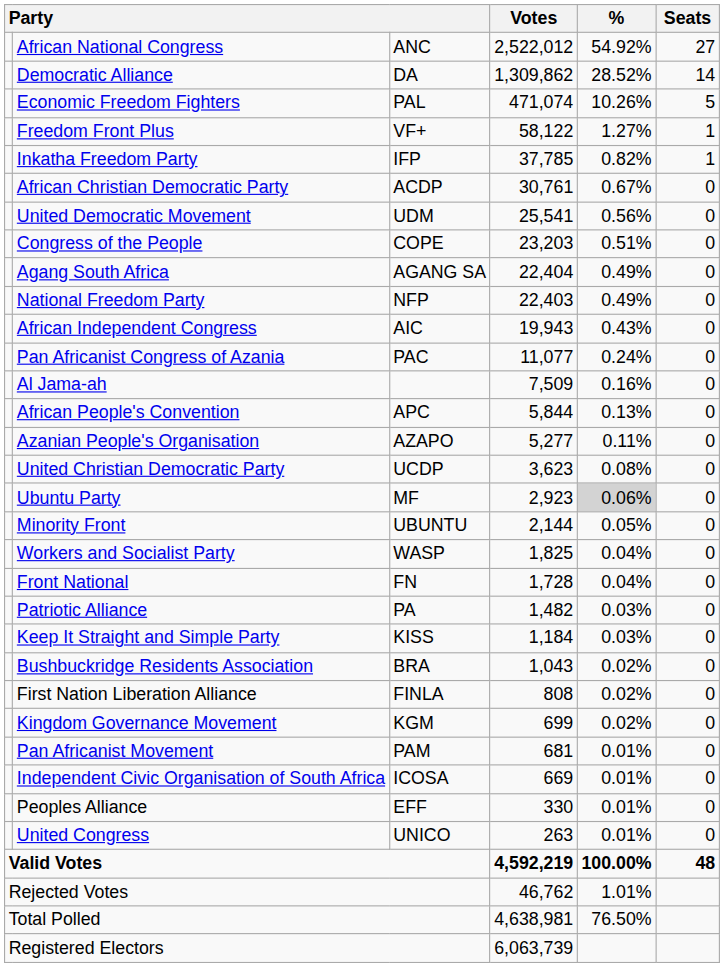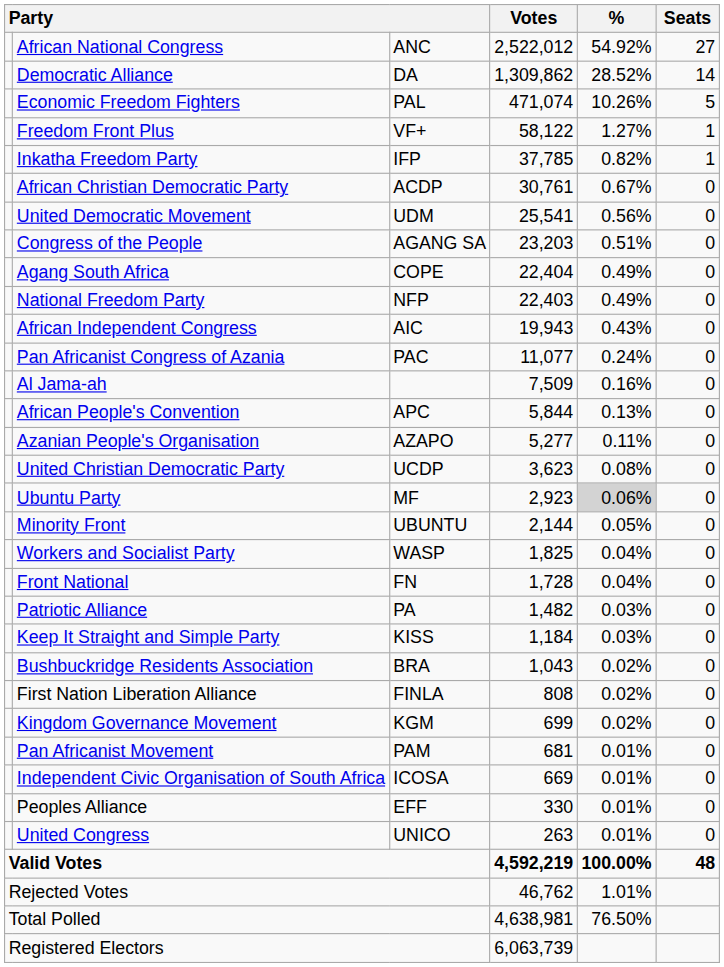 <table class="wikitable" border="1" style="text-align:right;">
 <tr>
 <th style="text-align:left;" colspan=3>Party</th>
 <th align=center width="50">Votes</th>
 <th align=center width="50">%</th>
 <th align=center width="50">Seats</th>
 </tr>
 <tr>
 <td style="background:"></td>
 <td align=left><a href='#'>African National Congress</a></td>
 <td align=left>ANC</td>
 <td>2,522,012</td>
 <td>54.92%</td>
 <td>27</td>
 </tr>
 <tr>
 <td style="background:"></td>
 <td align=left><a href='#'>Democratic Alliance</a></td>
 <td align=left>DA</td>
 <td>1,309,862</td>
 <td>28.52%</td>
 <td>14</td>
 </tr>
 <tr>
 <td style="background:"></td>
 <td align=left><a href='#'>Economic Freedom Fighters</a></td>
 <td align=left>PAL</td>
 <td>471,074</td>
 <td>10.26%</td>
 <td>5</td>
 </tr>
 <tr>
 <td style="background:"></td>
 <td align=left><a href='#'>Freedom Front Plus</a></td>
 <td align=left>VF+</td>
 <td>58,122</td>
 <td>1.27%</td>
 <td>1</td>
 </tr>
 <tr>
 <td style="background:"></td>
 <td align=left><a href='#'>Inkatha Freedom Party</a></td>
 <td align=left>IFP</td>
 <td>37,785</td>
 <td>0.82%</td>
 <td>1</td>
 </tr>
 <tr>
 <td style="background:"></td>
 <td align=left><a href='#'>African Christian Democratic Party</a></td>
 <td align=left>ACDP</td>
 <td>30,761</td>
 <td>0.67%</td>
 <td>0</td>
 </tr>
 <tr>
 <td style="background:"></td>
 <td align=left><a href='#'>United Democratic Movement</a></td>
 <td align=left>UDM</td>
 <td>25,541</td>
 <td>0.56%</td>
 <td>0</td>
 </tr>
 <tr>
 <td style="background:"></td>
 <td align=left><a href='#'>Congress of the People</a></td>
-<td align=left>COPE</td>
+<td align=left>AGANG SA</td>
 <td>23,203</td>
 <td>0.51%</td>
 <td>0</td>
 </tr>
 <tr>
 <td style="background:"></td>
 <td align=left><a href='#'>Agang South Africa</a></td>
-<td align=left>AGANG SA</td>
+<td align=left>COPE</td>
 <td>22,404</td>
 <td>0.49%</td>
 <td>0</td>
 </tr>
 <tr>
 <td style="background:"></td>
 <td align=left><a href='#'>National Freedom Party</a></td>
 <td align=left>NFP</td>
 <td>22,403</td>
 <td>0.49%</td>
 <td>0</td>
 </tr>
 <tr>
 <td style="background:"></td>
 <td align=left><a href='#'>African Independent Congress</a></td>
 <td align=left>AIC</td>
 <td>19,943</td>
 <td>0.43%</td>
 <td>0</td>
 </tr>
 <tr>
 <td style="background:"></td>
 <td align=left><a href='#'>Pan Africanist Congress of Azania</a></td>
 <td align=left>PAC</td>
 <td>11,077</td>
 <td>0.24%</td>
 <td>0</td>
 </tr>
 <tr>
 <td style="background:"></td>
 <td align=left><a href='#'>Al Jama-ah</a></td>
 <td align=left></td>
 <td>7,509</td>
 <td>0.16%</td>
 <td>0</td>
 </tr>
 <tr>
 <td style="background:"></td>
 <td align=left><a href='#'>African People's Convention</a></td>
 <td align=left>APC</td>
 <td>5,844</td>
 <td>0.13%</td>
 <td>0</td>
 </tr>
 <tr>
 <td style="background:"></td>
 <td align=left><a href='#'>Azanian People's Organisation</a></td>
 <td align=left>AZAPO</td>
 <td>5,277</td>
 <td>0.11%</td>
 <td>0</td>
 </tr>
 <tr>
 <td style="background:"></td>
 <td align=left><a href='#'>United Christian Democratic Party</a></td>
 <td align=left>UCDP</td>
 <td>3,623</td>
 <td>0.08%</td>
 <td>0</td>
 </tr>
 <tr>
 <td style="background:"></td>
 <td align=left><a href='#'>Ubuntu Party</a></td>
 <td align=left>MF</td>
 <td>2,923</td>
 <td style="background: lightgrey;">0.06%</td>
 <td>0</td>
 </tr>
 <tr>
 <td style="background:"></td>
 <td align=left><a href='#'>Minority Front</a></td>
 <td align=left>UBUNTU</td>
 <td>2,144</td>
 <td>0.05%</td>
 <td>0</td>
 </tr>
 <tr>
 <td style="background:"></td>
 <td align=left><a href='#'>Workers and Socialist Party</a></td>
 <td align=left>WASP</td>
 <td>1,825</td>
 <td>0.04%</td>
 <td>0</td>
 </tr>
 <tr>
 <td style="background:"></td>
 <td align=left><a href='#'>Front National</a></td>
 <td align=left>FN</td>
 <td>1,728</td>
 <td>0.04%</td>
 <td>0</td>
 </tr>
 <tr>
 <td style="background:"></td>
 <td align=left><a href='#'>Patriotic Alliance</a></td>
 <td align=left>PA</td>
 <td>1,482</td>
 <td>0.03%</td>
 <td>0</td>
 </tr>
 <tr>
 <td style="background:"></td>
 <td align=left><a href='#'>Keep It Straight and Simple Party</a></td>
 <td align=left>KISS</td>
 <td>1,184</td>
 <td>0.03%</td>
 <td>0</td>
 </tr>
 <tr>
 <td style="background:"></td>
 <td align=left><a href='#'>Bushbuckridge Residents Association</a></td>
 <td align=left>BRA</td>
 <td>1,043</td>
 <td>0.02%</td>
 <td>0</td>
 </tr>
 <tr>
 <td></td>
 <td align=left>First Nation Liberation Alliance</td>
 <td align=left>FINLA</td>
 <td>808</td>
 <td>0.02%</td>
 <td>0</td>
 </tr>
 <tr>
 <td></td>
 <td align=left><a href='#'>Kingdom Governance Movement</a></td>
 <td align=left>KGM</td>
 <td>699</td>
 <td>0.02%</td>
 <td>0</td>
 </tr>
 <tr>
 <td style="background:"></td>
 <td align=left><a href='#'>Pan Africanist Movement</a></td>
 <td align=left>PAM</td>
 <td>681</td>
 <td>0.01%</td>
 <td>0</td>
 </tr>
 <tr>
 <td style="background:"></td>
 <td align=left><a href='#'>Independent Civic Organisation of South Africa</a></td>
 <td align=left>ICOSA</td>
 <td>669</td>
 <td>0.01%</td>
 <td>0</td>
 </tr>
 <tr>
 <td></td>
 <td align=left>Peoples Alliance</td>
 <td align=left>EFF</td>
 <td>330</td>
 <td>0.01%</td>
 <td>0</td>
 </tr>
 <tr>
 <td style="background:"></td>
 <td align=left><a href='#'>United Congress</a></td>
 <td align=left>UNICO</td>
 <td>263</td>
 <td>0.01%</td>
 <td>0</td>
 </tr>
 <tr style="font-weight:bold">
 <td align=left colspan=3>Valid Votes</td>
 <td>4,592,219</td>
 <td>100.00%</td>
 <td>48</td>
 </tr>
 <tr>
 <td align=left colspan=3>Rejected Votes</td>
 <td>46,762</td>
 <td>1.01%</td>
 <td></td>
 </tr>
 <tr>
 <td align=left colspan=3>Total Polled</td>
 <td>4,638,981</td>
 <td>76.50%</td>
 <td></td>
 </tr>
 <tr>
 <td align=left colspan=3>Registered Electors</td>
 <td>6,063,739</td>
 <td></td>
 <td></td>
 </tr>
 </table>
